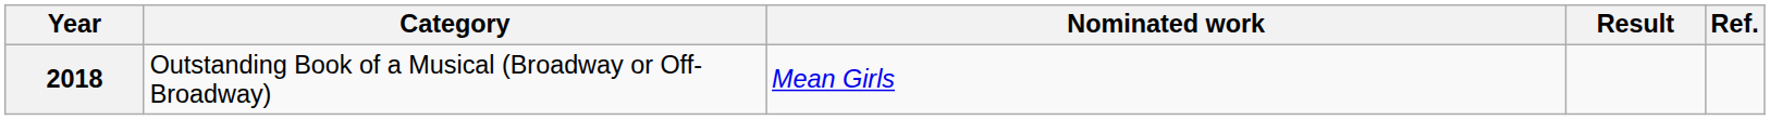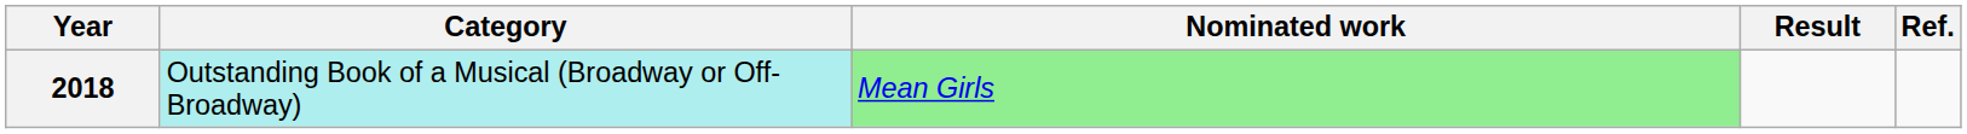 <table class=wikitable>
 <tr>
 <th scope="col" style="width:5em;">Year</th>
 <th scope="col" style="width:24em;">Category</th>
 <th scope="col" style="width:31em;">Nominated work</th>
 <th scope="col" style="width:5em;">Result</th>
 <th>Ref.</th>
 </tr>
 <tr>
 <th row=scope style="text-align:center;">2018</th>
-<td>Outstanding Book of a Musical (Broadway or Off-Broadway)</td>
-<td><em><a href='#'>Mean Girls</a></em></td>
+<td style="background: paleturquoise;">Outstanding Book of a Musical (Broadway or Off-Broadway)</td>
+<td style="background: lightgreen;"><em><a href='#'>Mean Girls</a></em></td>
 <td></td>
 <td style="text-align:center;"></td>
 </tr>
 </table>
